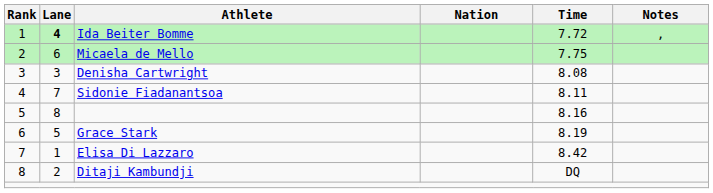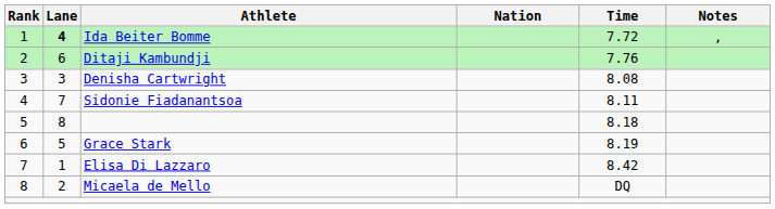 <table class="wikitable sortable" style="text-align:center;width: 60%;">
 <tr>
 <th scope="col" style="width: 10px;">Rank</th>
 <th scope="col" style="width: 10px;">Lane</th>
 <th scope="col">Athlete</th>
 <th scope="col">Nation</th>
 <th scope="col">Time</th>
 <th scope="col">Notes</th>
 </tr>
 <tr bgcolor=bbf3bb>
 <td>1</td>
 <td><strong>4</strong></td>
 <td align=left><a href='#'>Ida Beiter Bomme</a></td>
 <td align=left></td>
 <td>7.72</td>
 <td>, </td>
 </tr>
 <tr bgcolor=bbf3bb>
 <td>2</td>
 <td>6</td>
-<td align=left><a href='#'>Micaela de Mello</a></td>
+<td align=left><a href='#'>Ditaji Kambundji</a></td>
 <td align=left></td>
-<td>7.75</td>
+<td>7.76</td>
 <td></td>
 </tr>
 <tr>
 <td>3</td>
 <td>3</td>
 <td align=left><a href='#'>Denisha Cartwright</a></td>
 <td align=left></td>
 <td>8.08</td>
 <td></td>
 </tr>
 <tr>
 <td>4</td>
 <td>7</td>
 <td align=left><a href='#'>Sidonie Fiadanantsoa</a></td>
 <td align=left></td>
 <td>8.11</td>
 <td></td>
 </tr>
 <tr>
 <td>5</td>
 <td>8</td>
 <td align=left></td>
 <td align=left></td>
-<td>8.16</td>
+<td>8.18</td>
 <td></td>
 </tr>
 <tr>
 <td>6</td>
 <td>5</td>
 <td align=left><a href='#'>Grace Stark</a></td>
 <td align=left></td>
 <td>8.19</td>
 <td></td>
 </tr>
 <tr>
 <td>7</td>
 <td>1</td>
 <td align=left><a href='#'>Elisa Di Lazzaro</a></td>
 <td align=left></td>
 <td>8.42</td>
 <td></td>
 </tr>
 <tr>
 <td>8</td>
 <td>2</td>
-<td align=left><a href='#'>Ditaji Kambundji</a></td>
+<td align=left><a href='#'>Micaela de Mello</a></td>
 <td align=left></td>
 <td>DQ</td>
 <td></td>
 </tr>
 <tr class="sortbottom">
 <td colspan="6"></td>
 </tr>
 </table>
